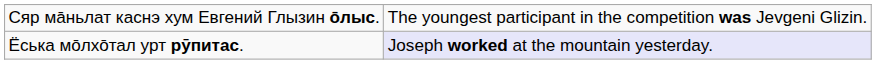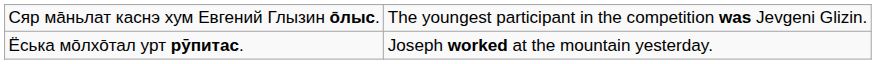 <table class="wikitable">
 <tr>
 <td>Сяр ма̄ньлат каснэ хум Евгений Глызин <strong>о̄лыс</strong>.</td>
 <td>The youngest participant in the competition <strong>was</strong> Jevgeni Glizin.</td>
 </tr>
 <tr>
 <td>Ёська мо̄лхо̄тал урт <strong>рӯпитас</strong>.</td>
-<td style="background: lavender;">Joseph <strong>worked</strong> at the mountain yesterday.</td>
+<td>Joseph <strong>worked</strong> at the mountain yesterday.</td>
 </tr>
 </table>
